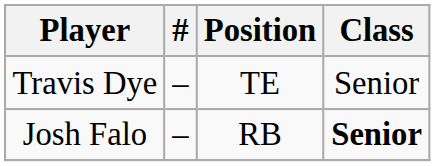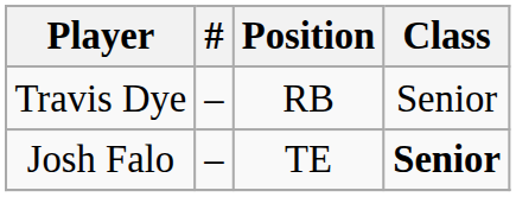 <table class="wikitable sortable" style="text-align:center">
 <tr>
 <th>Player</th>
 <th>#</th>
 <th>Position</th>
 <th>Class</th>
 </tr>
 <tr>
 <td>Travis Dye</td>
 <td>–</td>
-<td>TE</td>
+<td>RB</td>
 <td> Senior</td>
 </tr>
 <tr>
 <td>Josh Falo</td>
 <td>–</td>
-<td>RB</td>
+<td>TE</td>
 <td><strong> Senior</strong></td>
 </tr>
 <tr>
 </tr>
 </table>
